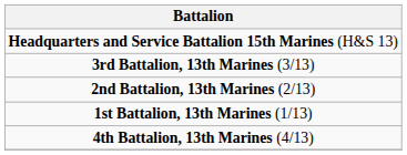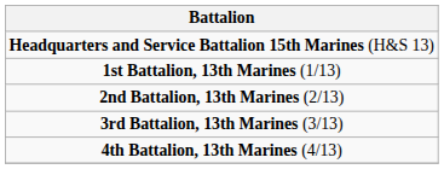 <table class="wikitable" style="text-align: center;">
 <tr>
 <th><strong>Battalion</strong></th>
 </tr>
 <tr>
 <td align="center"><strong>Headquarters and Service Battalion 15th Marines</strong> (H&S 13)</td>
 </tr>
 <tr>
-<td align="center"><strong>3rd Battalion, 13th Marines</strong> (3/13)</td>
+<td align="center"><strong>1st Battalion, 13th Marines</strong> (1/13)</td>
 </tr>
 <tr>
 <td align="center"><strong>2nd Battalion, 13th Marines</strong> (2/13)</td>
 </tr>
 <tr>
-<td align="center"><strong>1st Battalion, 13th Marines</strong> (1/13)</td>
+<td align="center"><strong>3rd Battalion, 13th Marines</strong> (3/13)</td>
 </tr>
 <tr>
 <td align="center"><strong>4th Battalion, 13th Marines</strong> (4/13)</td>
 </tr>
 <tr>
 </tr>
 </table>
